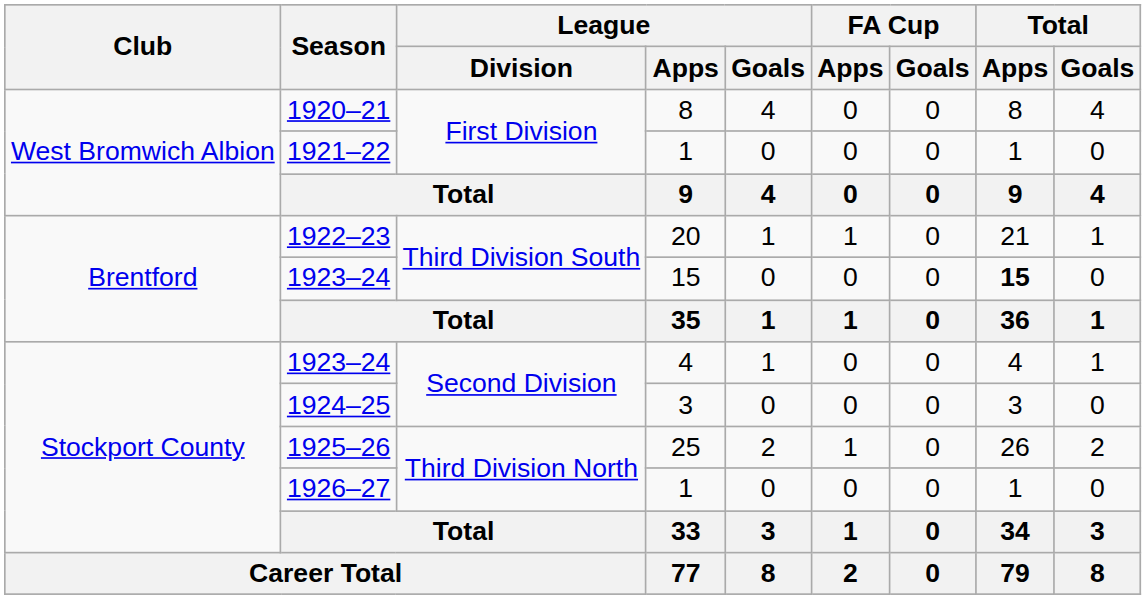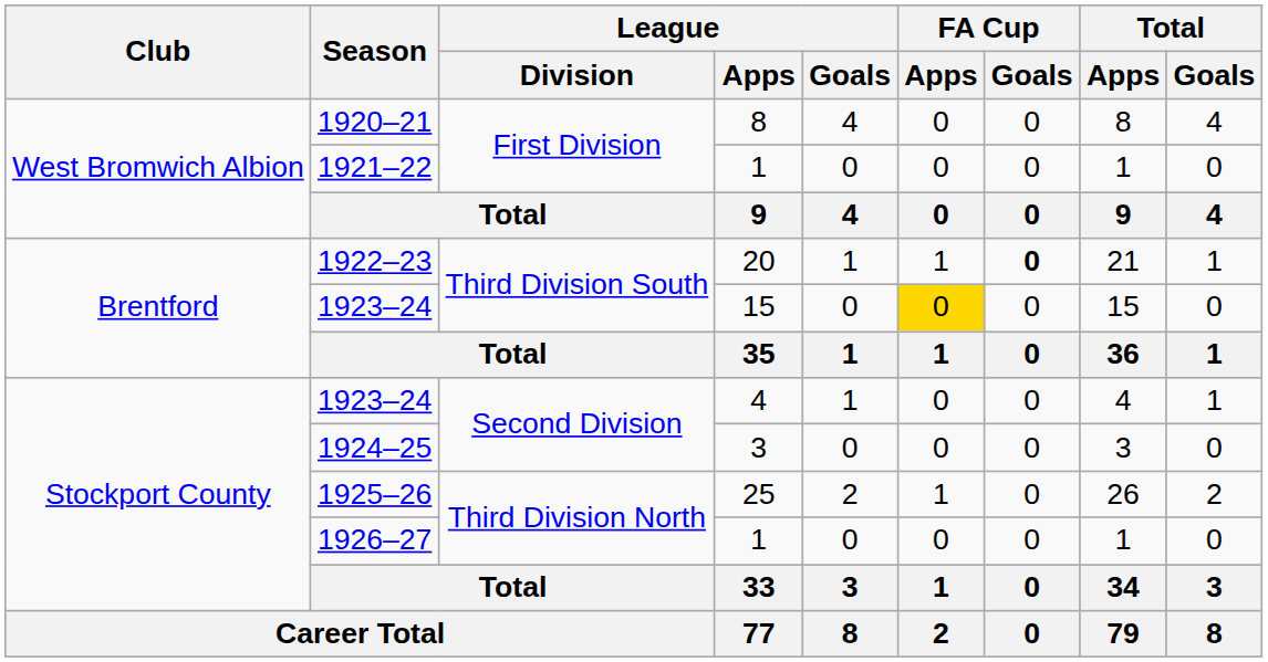 <table class="wikitable" style="text-align: center;">
 <tr>
 <th rowspan="2">Club</th>
 <th rowspan="2">Season</th>
 <th colspan="3">League</th>
 <th colspan="2">FA Cup</th>
 <th colspan="2">Total</th>
 </tr>
 <tr>
 <th>Division</th>
 <th>Apps</th>
 <th>Goals</th>
 <th>Apps</th>
 <th>Goals</th>
 <th>Apps</th>
 <th>Goals</th>
 </tr>
 <tr>
 <td rowspan="3"><a href='#'>West Bromwich Albion</a></td>
 <td><a href='#'>1920–21</a></td>
 <td rowspan="2"><a href='#'>First Division</a></td>
 <td>8</td>
 <td>4</td>
 <td>0</td>
 <td>0</td>
 <td>8</td>
 <td>4</td>
 </tr>
 <tr>
 <td><a href='#'>1921–22</a></td>
 <td>1</td>
 <td>0</td>
 <td>0</td>
 <td>0</td>
 <td>1</td>
 <td>0</td>
 </tr>
 <tr>
 <th colspan="2">Total</th>
 <th>9</th>
 <th>4</th>
 <th>0</th>
 <th>0</th>
 <th>9</th>
 <th>4</th>
 </tr>
 <tr>
 <td rowspan="3"><a href='#'>Brentford</a></td>
 <td><a href='#'>1922–23</a></td>
 <td rowspan="2"><a href='#'>Third Division South</a></td>
 <td>20</td>
 <td>1</td>
 <td>1</td>
-<td>0</td>
+<td><strong>0</strong></td>
 <td>21</td>
 <td>1</td>
 </tr>
 <tr>
 <td><a href='#'>1923–24</a></td>
 <td>15</td>
 <td>0</td>
+<td style="background: gold;">0</td>
 <td>0</td>
-<td>0</td>
-<td><strong>15</strong></td>
+<td>15</td>
 <td>0</td>
 </tr>
 <tr>
 <th colspan="2">Total</th>
 <th>35</th>
 <th>1</th>
 <th>1</th>
 <th>0</th>
 <th>36</th>
 <th>1</th>
 </tr>
 <tr>
 <td rowspan="5"><a href='#'>Stockport County</a></td>
 <td><a href='#'>1923–24</a></td>
 <td rowspan="2"><a href='#'>Second Division</a></td>
 <td>4</td>
 <td>1</td>
 <td>0</td>
 <td>0</td>
 <td>4</td>
 <td>1</td>
 </tr>
 <tr>
 <td><a href='#'>1924–25</a></td>
 <td>3</td>
 <td>0</td>
 <td>0</td>
 <td>0</td>
 <td>3</td>
 <td>0</td>
 </tr>
 <tr>
 <td><a href='#'>1925–26</a></td>
 <td rowspan="2"><a href='#'>Third Division North</a></td>
 <td>25</td>
 <td>2</td>
 <td>1</td>
 <td>0</td>
 <td>26</td>
 <td>2</td>
 </tr>
 <tr>
 <td><a href='#'>1926–27</a></td>
 <td>1</td>
 <td>0</td>
 <td>0</td>
 <td>0</td>
 <td>1</td>
 <td>0</td>
 </tr>
 <tr>
 <th colspan="2">Total</th>
 <th>33</th>
 <th>3</th>
 <th>1</th>
 <th>0</th>
 <th>34</th>
 <th>3</th>
 </tr>
 <tr>
 <th colspan="3">Career Total</th>
 <th>77</th>
 <th>8</th>
 <th>2</th>
 <th>0</th>
 <th>79</th>
 <th>8</th>
 </tr>
 </table>
